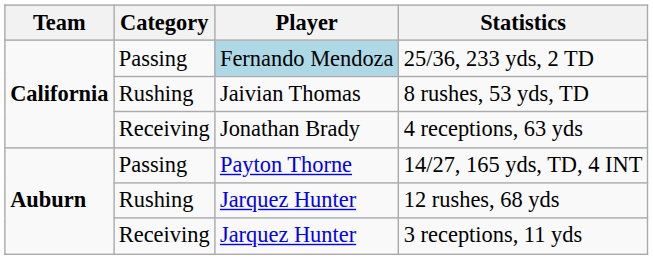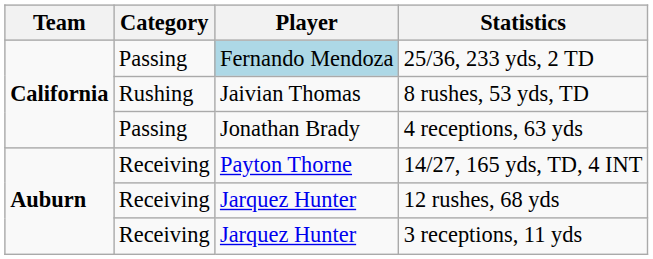 <table class="wikitable" style="float: right;">
 <tr>
 <th>Team</th>
 <th>Category</th>
 <th>Player</th>
 <th>Statistics</th>
 </tr>
 <tr>
 <td rowspan=3><strong>California</strong></td>
 <td>Passing</td>
 <td style="background: lightblue;">Fernando Mendoza</td>
 <td>25/36, 233 yds, 2 TD</td>
 </tr>
 <tr>
 <td>Rushing</td>
 <td>Jaivian Thomas</td>
 <td>8 rushes, 53 yds, TD</td>
 </tr>
 <tr>
-<td>Receiving</td>
+<td>Passing</td>
 <td>Jonathan Brady</td>
 <td>4 receptions, 63 yds</td>
 </tr>
 <tr>
 <td rowspan=3><strong>Auburn</strong></td>
-<td>Passing</td>
+<td>Receiving</td>
 <td><a href='#'>Payton Thorne</a></td>
 <td>14/27, 165 yds, TD, 4 INT</td>
 </tr>
 <tr>
-<td>Rushing</td>
+<td>Receiving</td>
 <td><a href='#'>Jarquez Hunter</a></td>
 <td>12 rushes, 68 yds</td>
 </tr>
 <tr>
 <td>Receiving</td>
 <td><a href='#'>Jarquez Hunter</a></td>
 <td>3 receptions, 11 yds</td>
 </tr>
 </table>
